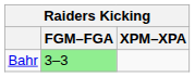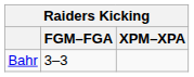 <table class="wikitable">
 <tr>
 <th colspan="3">Raiders Kicking</th>
 </tr>
 <tr>
 <th></th>
 <th>FGM–FGA</th>
 <th>XPM–XPA</th>
 </tr>
 <tr>
 <td><a href='#'>Bahr</a></td>
-<td style="background: lightgreen;">3–3</td>
+<td>3–3</td>
 <td></td>
 </tr>
 </table>
